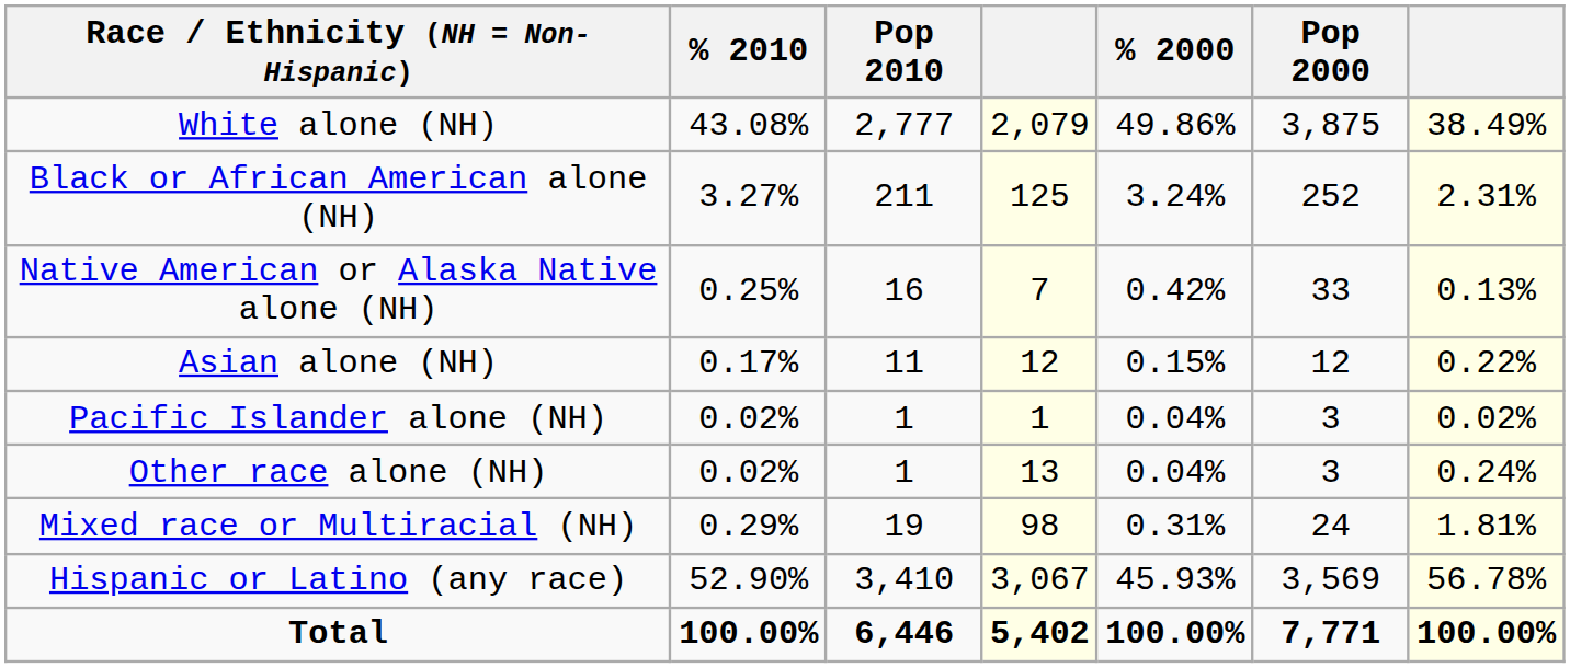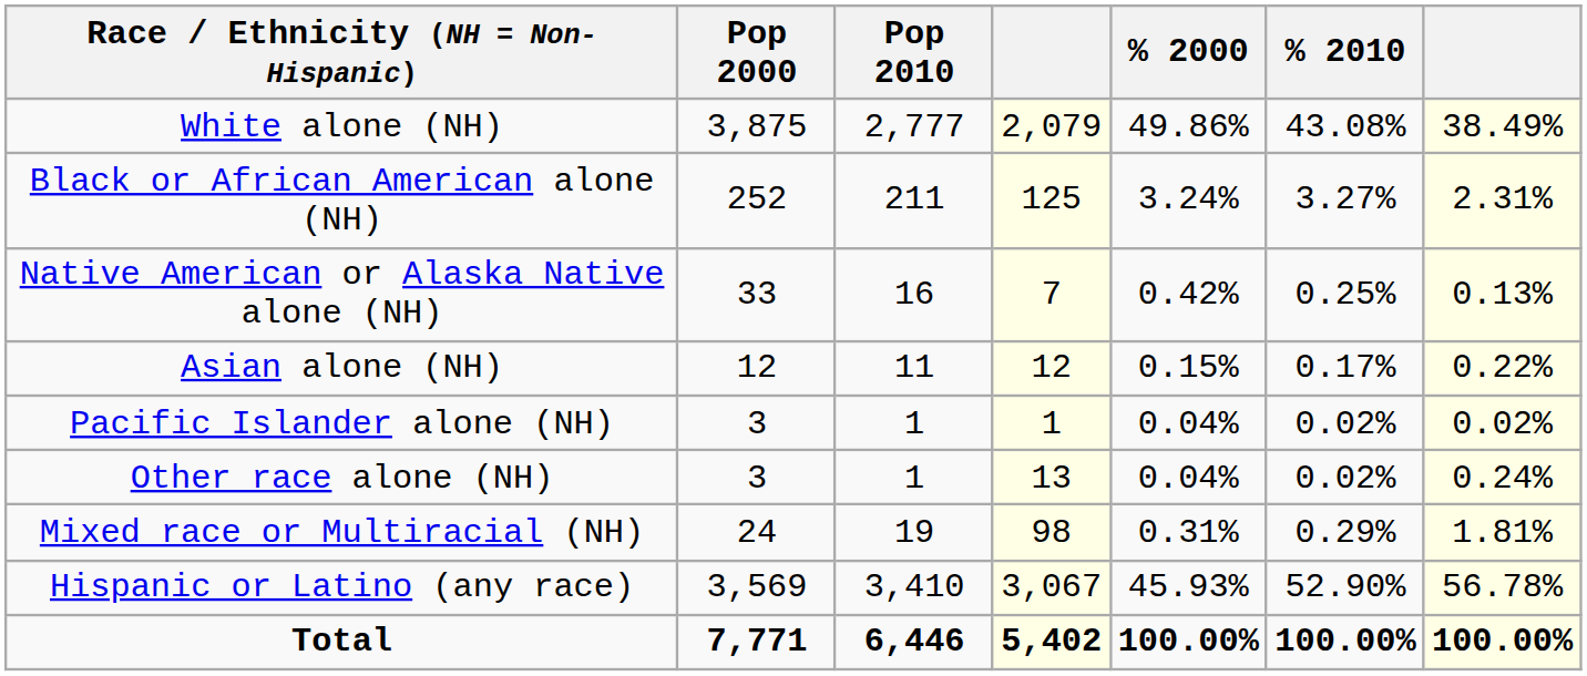 <table class="wikitable" style="text-align:center;">
 <tr>
 <th>Race / Ethnicity <small>(<em>NH = Non-Hispanic</em>)</small></th>
-<th>% 2010</th>
+<th>Pop 2000</th>
 <th>Pop 2010</th>
 <th></th>
 <th>% 2000</th>
-<th>Pop 2000</th>
+<th>% 2010</th>
 <th></th>
 </tr>
 <tr>
 <td><a href='#'>White</a> alone (NH)</td>
-<td>43.08%</td>
+<td>3,875</td>
 <td>2,777</td>
 <td style='background: #ffffe6;'>2,079</td>
 <td>49.86%</td>
-<td>3,875</td>
+<td>43.08%</td>
 <td style='background: #ffffe6;'>38.49%</td>
 </tr>
 <tr>
 <td><a href='#'>Black or African American</a> alone (NH)</td>
-<td>3.27%</td>
+<td>252</td>
 <td>211</td>
 <td style='background: #ffffe6;'>125</td>
 <td>3.24%</td>
-<td>252</td>
+<td>3.27%</td>
 <td style='background: #ffffe6;'>2.31%</td>
 </tr>
 <tr>
 <td><a href='#'>Native American</a> or <a href='#'>Alaska Native</a> alone (NH)</td>
-<td>0.25%</td>
+<td>33</td>
 <td>16</td>
 <td style='background: #ffffe6;'>7</td>
 <td>0.42%</td>
-<td>33</td>
+<td>0.25%</td>
 <td style='background: #ffffe6;'>0.13%</td>
 </tr>
 <tr>
 <td><a href='#'>Asian</a> alone (NH)</td>
-<td>0.17%</td>
+<td>12</td>
 <td>11</td>
 <td style='background: #ffffe6;'>12</td>
 <td>0.15%</td>
-<td>12</td>
+<td>0.17%</td>
 <td style='background: #ffffe6;'>0.22%</td>
 </tr>
 <tr>
 <td><a href='#'>Pacific Islander</a> alone (NH)</td>
-<td>0.02%</td>
+<td>3</td>
 <td>1</td>
 <td style='background: #ffffe6;'>1</td>
 <td>0.04%</td>
-<td>3</td>
+<td>0.02%</td>
 <td style='background: #ffffe6;'>0.02%</td>
 </tr>
 <tr>
 <td><a href='#'>Other race</a> alone (NH)</td>
-<td>0.02%</td>
+<td>3</td>
 <td>1</td>
 <td style='background: #ffffe6;'>13</td>
 <td>0.04%</td>
-<td>3</td>
+<td>0.02%</td>
 <td style='background: #ffffe6;'>0.24%</td>
 </tr>
 <tr>
 <td><a href='#'>Mixed race or Multiracial</a> (NH)</td>
-<td>0.29%</td>
+<td>24</td>
 <td>19</td>
 <td style='background: #ffffe6;'>98</td>
 <td>0.31%</td>
-<td>24</td>
+<td>0.29%</td>
 <td style='background: #ffffe6;'>1.81%</td>
 </tr>
 <tr>
 <td><a href='#'>Hispanic or Latino</a> (any race)</td>
-<td>52.90%</td>
+<td>3,569</td>
 <td>3,410</td>
 <td style='background: #ffffe6;'>3,067</td>
 <td>45.93%</td>
-<td>3,569</td>
+<td>52.90%</td>
 <td style='background: #ffffe6;'>56.78%</td>
 </tr>
 <tr>
 <td><strong>Total</strong></td>
-<td><strong>100.00%</strong></td>
+<td><strong>7,771</strong></td>
 <td><strong>6,446</strong></td>
 <td style='background: #ffffe6;'><strong>5,402</strong></td>
 <td><strong>100.00%</strong></td>
-<td><strong>7,771</strong></td>
+<td><strong>100.00%</strong></td>
 <td style='background: #ffffe6;'><strong>100.00%</strong></td>
 </tr>
 </table>
